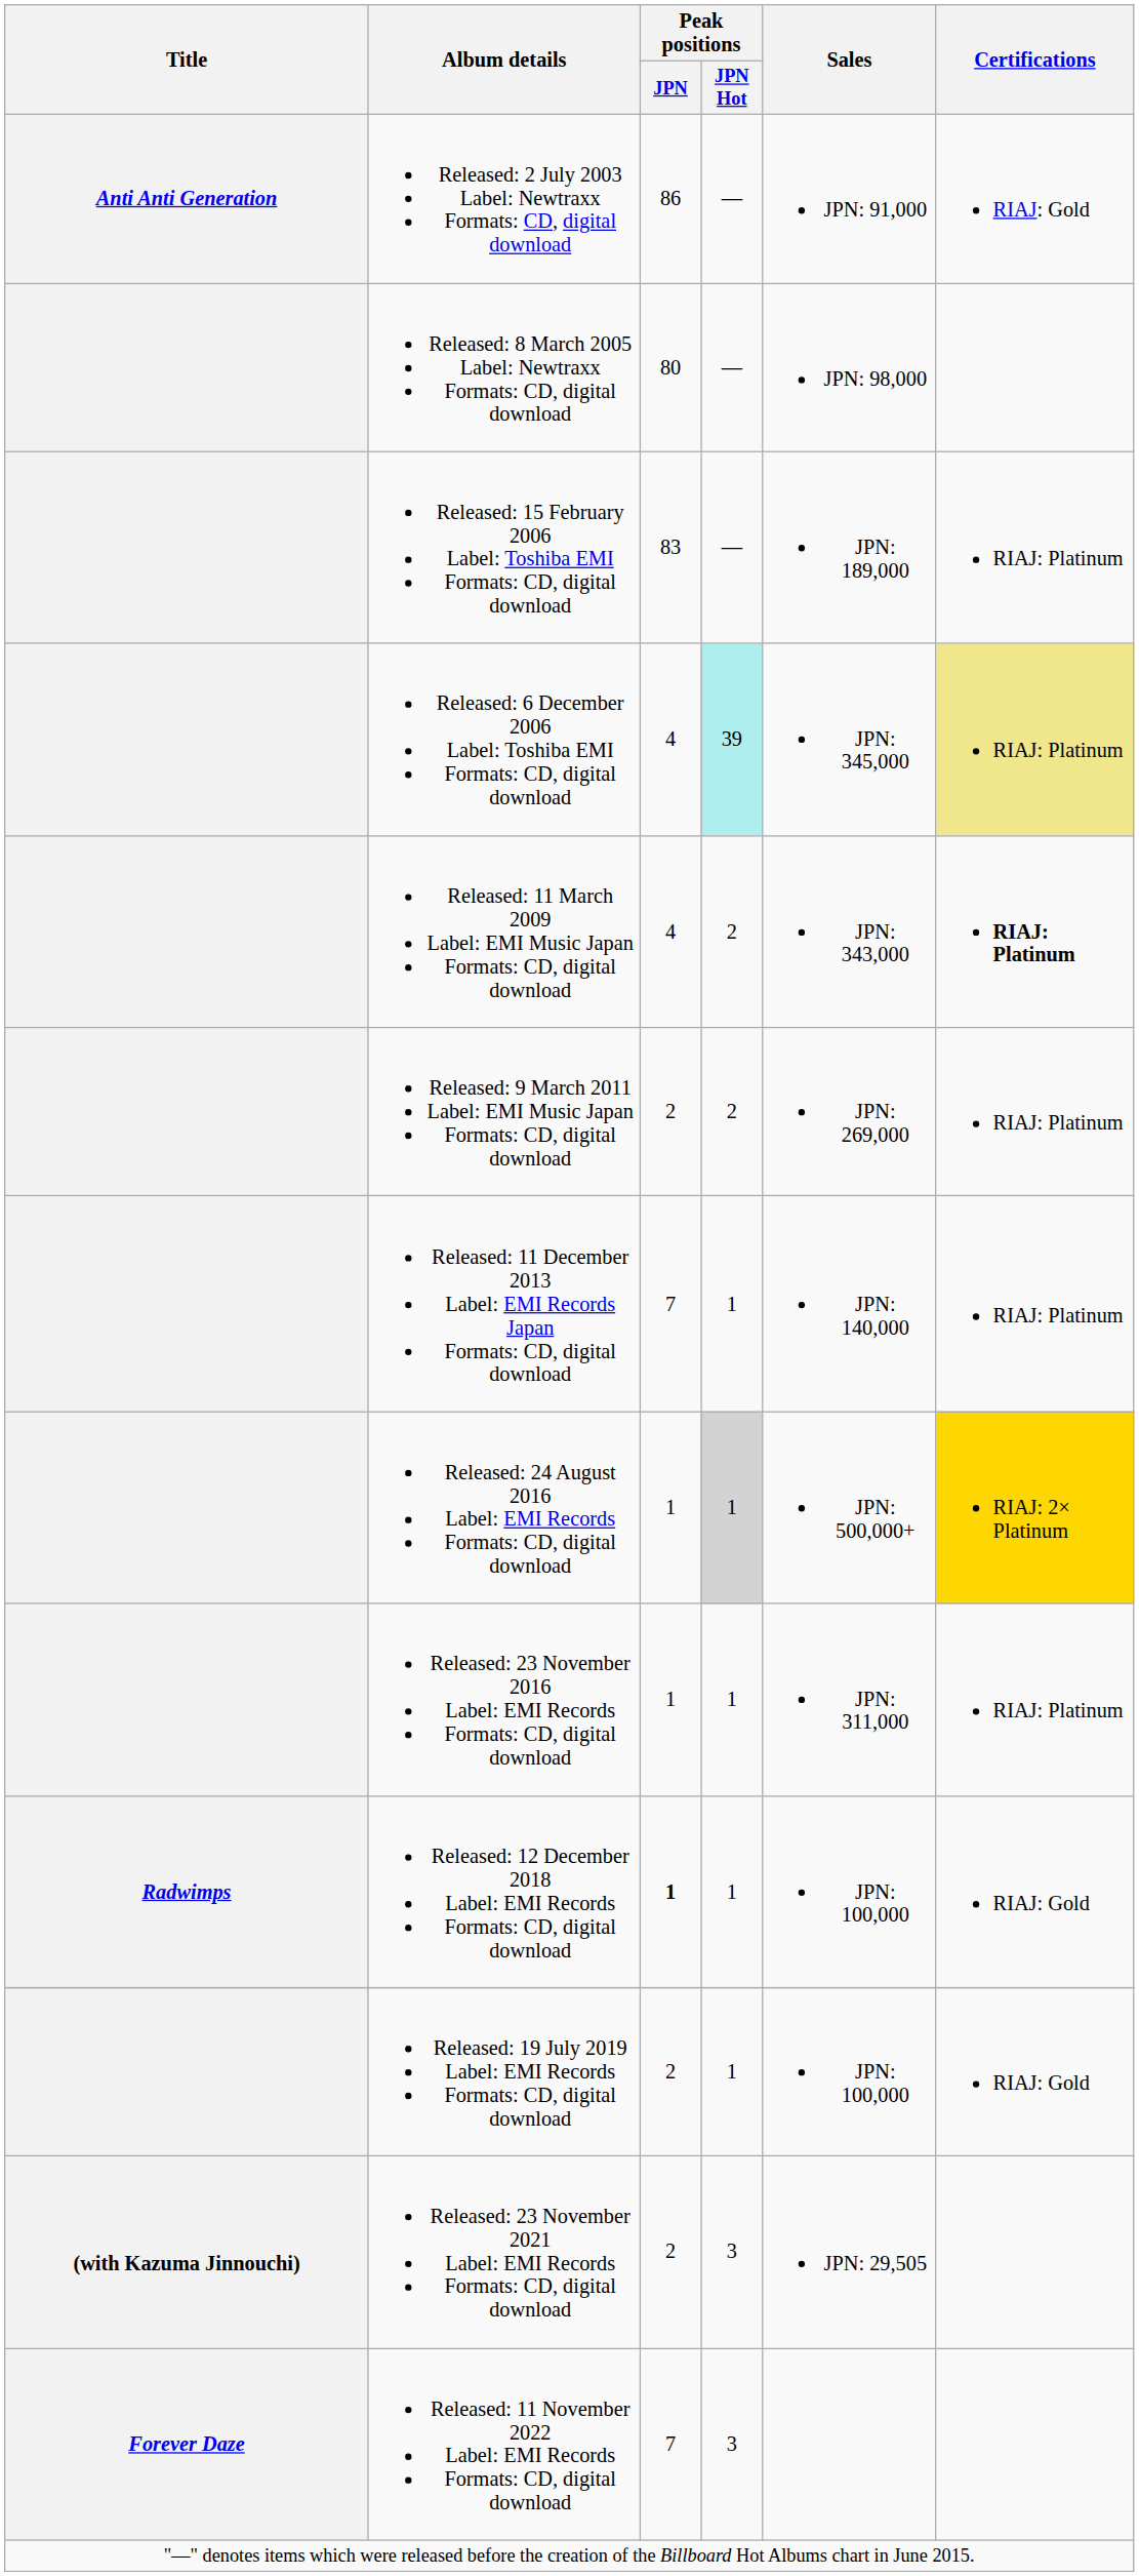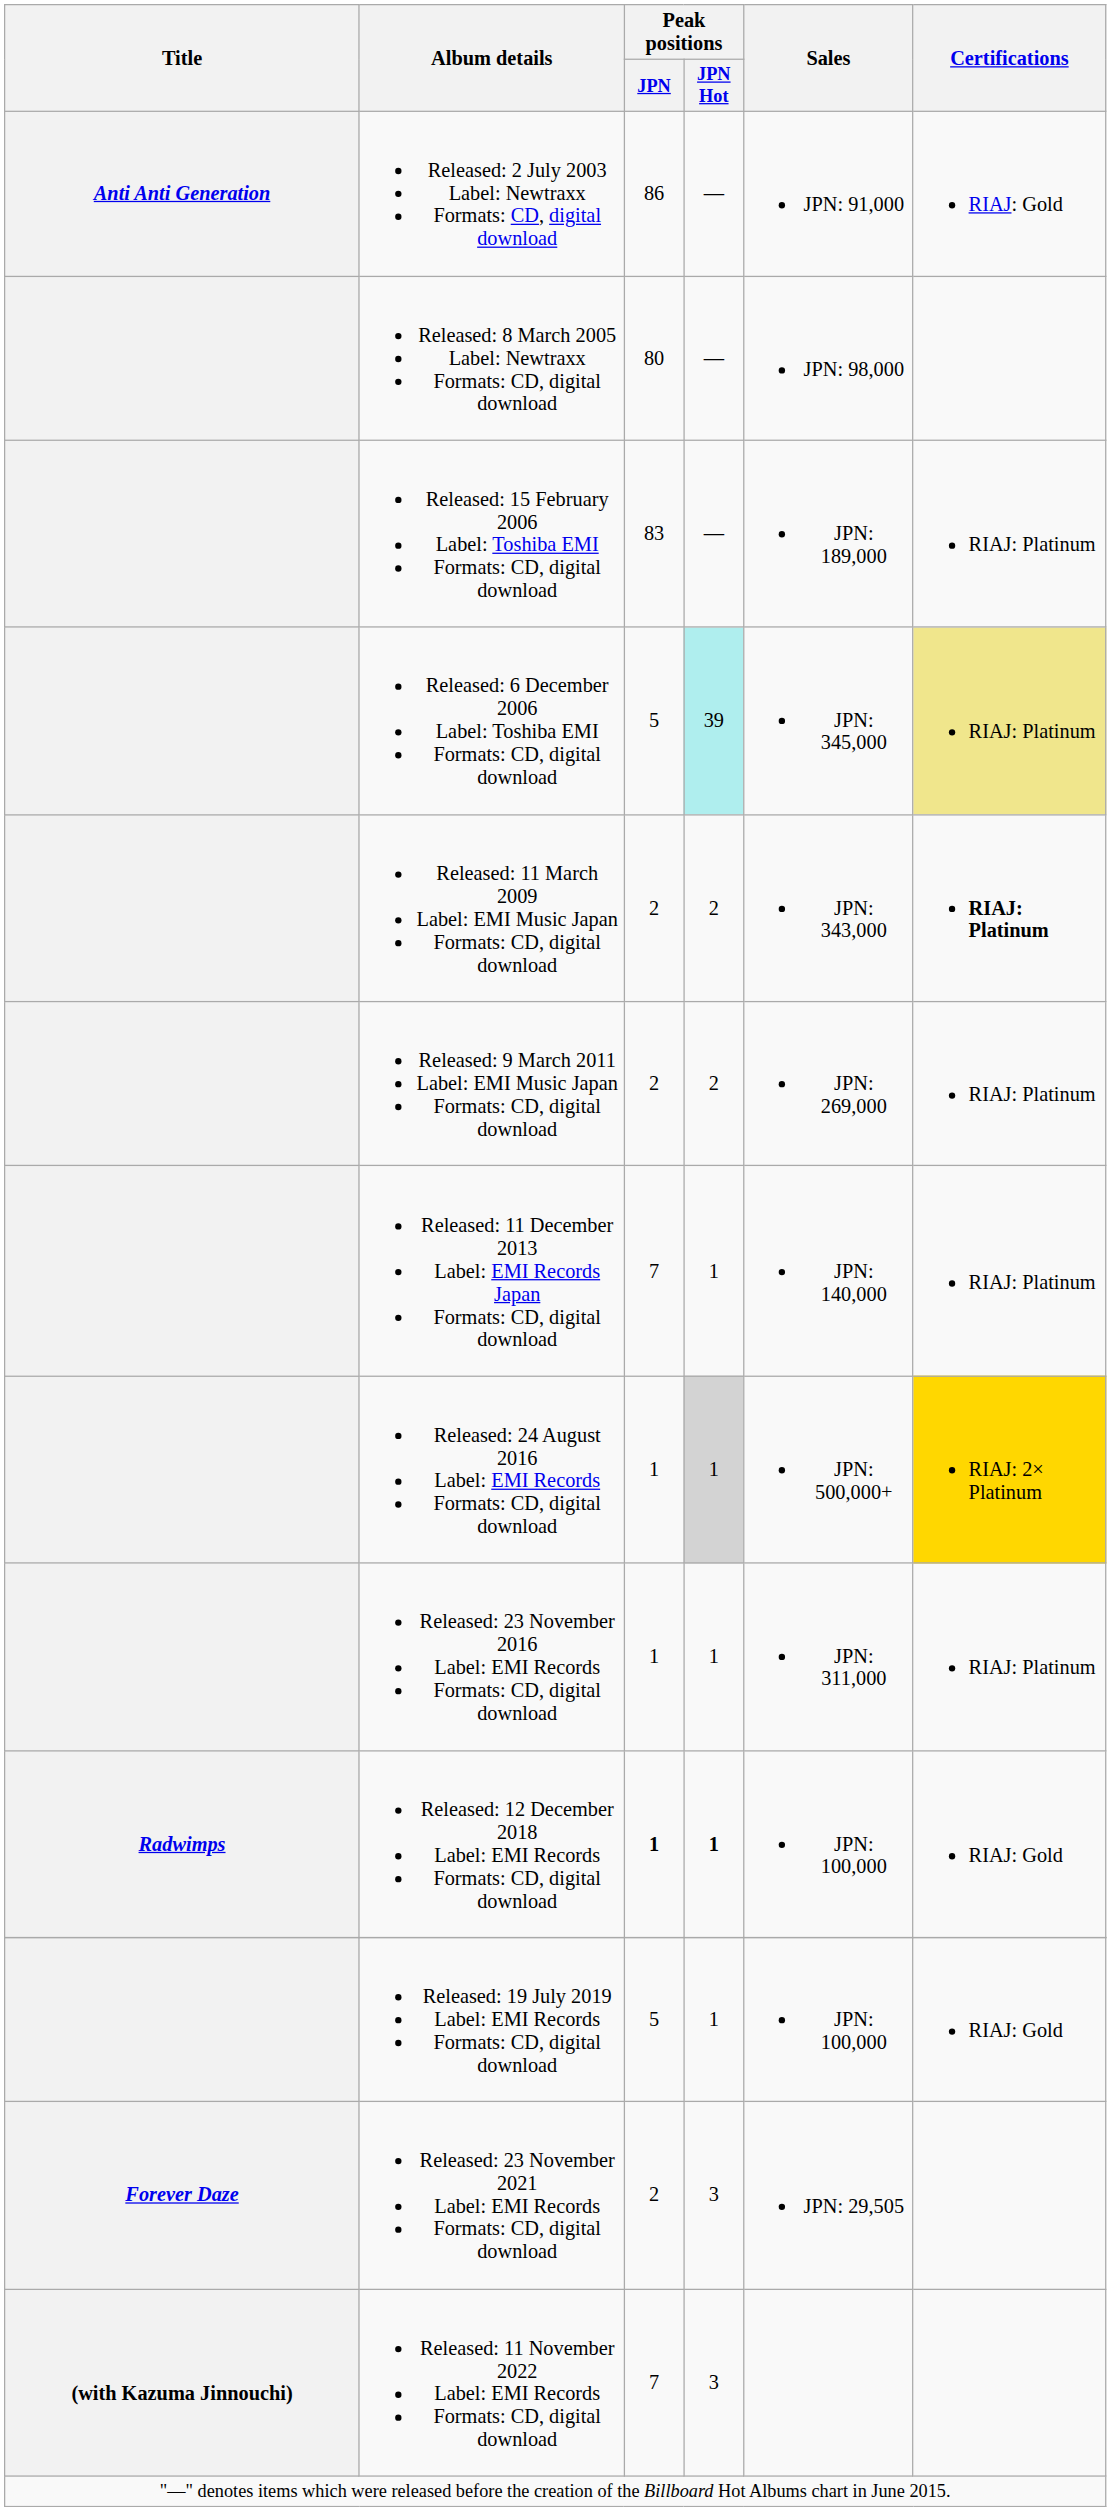 <table class="wikitable plainrowheaders" style="text-align:center;">
 <tr>
 <th rowspan="2" style="width:17em;">Title</th>
 <th rowspan="2">Album details</th>
 <th colspan="2">Peak positions</th>
 <th rowspan="2">Sales</th>
 <th rowspan="2"><a href='#'>Certifications</a></th>
 </tr>
 <tr>
 <th scope="col" style="width:2.8em;font-size:90%;"><a href='#'>JPN</a><br></th>
 <th scope="col" style="width:2.8em;font-size:90%;"><a href='#'>JPN Hot</a><br></th>
 </tr>
 <tr>
 <th scope="row"><em><a href='#'>Anti Anti Generation</a></em></th>
 <td><br><ul><li>Released: 2 July 2003 </li><li>Label: Newtraxx</li><li>Formats: <a href='#'>CD</a>, <a href='#'>digital download</a></li></ul></td>
 <td>86</td>
 <td>—</td>
 <td><br><ul><li>JPN: 91,000</li></ul></td>
 <td align="left"><br><ul><li><a href='#'>RIAJ</a>: Gold</li></ul></td>
 </tr>
 <tr>
 <th scope="row"></th>
 <td><br><ul><li>Released: 8 March 2005 </li><li>Label: Newtraxx</li><li>Formats: CD, digital download</li></ul></td>
 <td>80</td>
 <td>—</td>
 <td><br><ul><li>JPN: 98,000</li></ul></td>
 <td align="left"></td>
 </tr>
 <tr>
 <th scope="row"></th>
 <td><br><ul><li>Released: 15 February 2006 </li><li>Label: <a href='#'>Toshiba EMI</a></li><li>Formats: CD, digital download</li></ul></td>
 <td>83</td>
 <td>—</td>
 <td><br><ul><li>JPN: 189,000</li></ul></td>
 <td align="left"><br><ul><li>RIAJ: Platinum</li></ul></td>
 </tr>
 <tr>
 <th scope="row"></th>
 <td><br><ul><li>Released: 6 December 2006 </li><li>Label: Toshiba EMI</li><li>Formats: CD, digital download</li></ul></td>
-<td>4</td>
+<td>5</td>
 <td style="background: paleturquoise;">39</td>
 <td><br><ul><li>JPN: 345,000</li></ul></td>
 <td align="left" style="background: khaki;"><br><ul><li>RIAJ: Platinum</li></ul></td>
 </tr>
 <tr>
 <th scope="row"></th>
 <td><br><ul><li>Released: 11 March 2009 </li><li>Label: EMI Music Japan</li><li>Formats: CD, digital download</li></ul></td>
-<td>4</td>
+<td>2</td>
 <td>2</td>
 <td><br><ul><li>JPN: 343,000</li></ul></td>
 <td align="left"><strong><br><ul><li>RIAJ: Platinum</li></ul></strong></td>
 </tr>
 <tr>
 <th scope="row"></th>
 <td><br><ul><li>Released: 9 March 2011 </li><li>Label: EMI Music Japan</li><li>Formats: CD, digital download</li></ul></td>
 <td>2</td>
 <td>2</td>
 <td><br><ul><li>JPN: 269,000</li></ul></td>
 <td align="left"><br><ul><li>RIAJ: Platinum</li></ul></td>
 </tr>
 <tr>
 <th scope="row"></th>
 <td><br><ul><li>Released: 11 December 2013 </li><li>Label: <a href='#'>EMI Records Japan</a></li><li>Formats: CD, digital download</li></ul></td>
 <td>7</td>
 <td>1</td>
 <td><br><ul><li>JPN: 140,000</li></ul></td>
 <td align="left"><br><ul><li>RIAJ: Platinum</li></ul></td>
 </tr>
 <tr>
 <th scope="row"></th>
 <td><br><ul><li>Released: 24 August 2016 </li><li>Label: <a href='#'>EMI Records</a></li><li>Formats: CD, digital download</li></ul></td>
 <td>1</td>
 <td style="background: lightgrey;">1</td>
 <td><br><ul><li>JPN: 500,000+</li></ul></td>
 <td align="left" style="background: gold;"><br><ul><li>RIAJ: 2× Platinum</li></ul></td>
 </tr>
 <tr>
 <th scope="row"></th>
 <td><br><ul><li>Released: 23 November 2016 </li><li>Label: EMI Records</li><li>Formats: CD, digital download</li></ul></td>
 <td>1</td>
 <td>1</td>
 <td><br><ul><li>JPN: 311,000</li></ul></td>
 <td align="left"><br><ul><li>RIAJ: Platinum</li></ul></td>
 </tr>
 <tr>
 <th scope="row"><em><a href='#'>Radwimps</a></em></th>
 <td><br><ul><li>Released: 12 December 2018 </li><li>Label: EMI Records</li><li>Formats: CD, digital download</li></ul></td>
 <td><strong>1</strong></td>
-<td>1</td>
+<td><strong>1</strong></td>
 <td><br><ul><li>JPN: 100,000</li></ul></td>
 <td align="left"><br><ul><li>RIAJ: Gold</li></ul></td>
 </tr>
 <tr>
 </tr>
 <tr>
 <th scope="row"></th>
 <td><br><ul><li>Released: 19 July 2019 </li><li>Label: EMI Records</li><li>Formats: CD, digital download</li></ul></td>
-<td>2</td>
+<td>5</td>
 <td>1</td>
 <td><br><ul><li>JPN: 100,000</li></ul></td>
 <td align="left"><br><ul><li>RIAJ: Gold</li></ul></td>
 </tr>
 <tr>
-<th scope="row"><br><span>(with Kazuma Jinnouchi)</span></th>
+<th scope="row"><em><a href='#'>Forever Daze</a></em></th>
 <td><br><ul><li>Released: 23 November 2021</li><li>Label: EMI Records</li><li>Formats: CD, digital download</li></ul></td>
 <td>2</td>
 <td>3</td>
 <td><br><ul><li>JPN: 29,505</li></ul></td>
 <td></td>
 </tr>
 <tr>
-<th scope="row"><em><a href='#'>Forever Daze</a></em></th>
+<th scope="row"><br><span>(with Kazuma Jinnouchi)</span></th>
 <td><br><ul><li>Released: 11 November 2022</li><li>Label: EMI Records</li><li>Formats: CD, digital download</li></ul></td>
 <td>7</td>
 <td>3</td>
 <td></td>
 <td></td>
 </tr>
 <tr>
 <td colspan="11" align="center" style="font-size:90%;">"—" denotes items which were released before the creation of the <em>Billboard</em> Hot Albums chart in June 2015.</td>
 </tr>
 </table>
